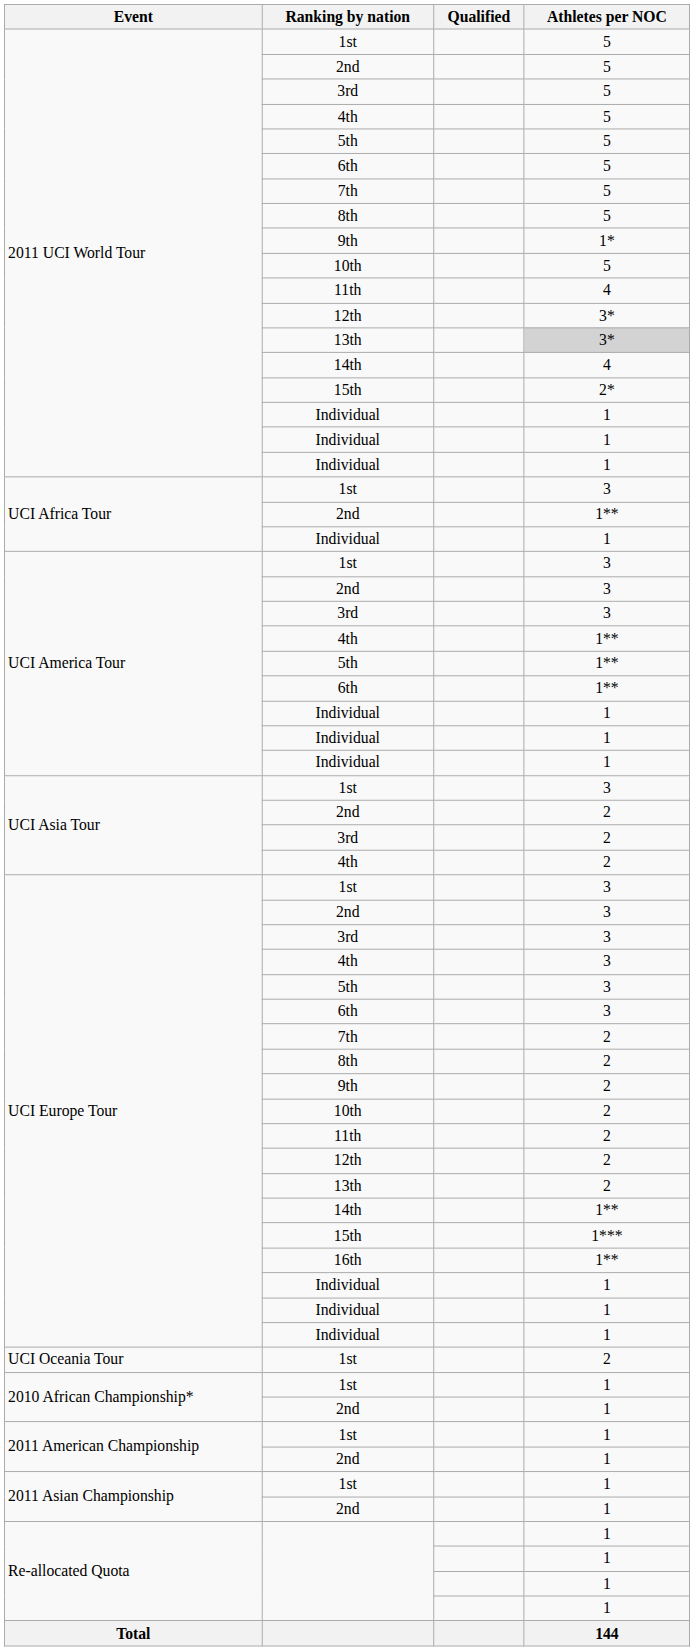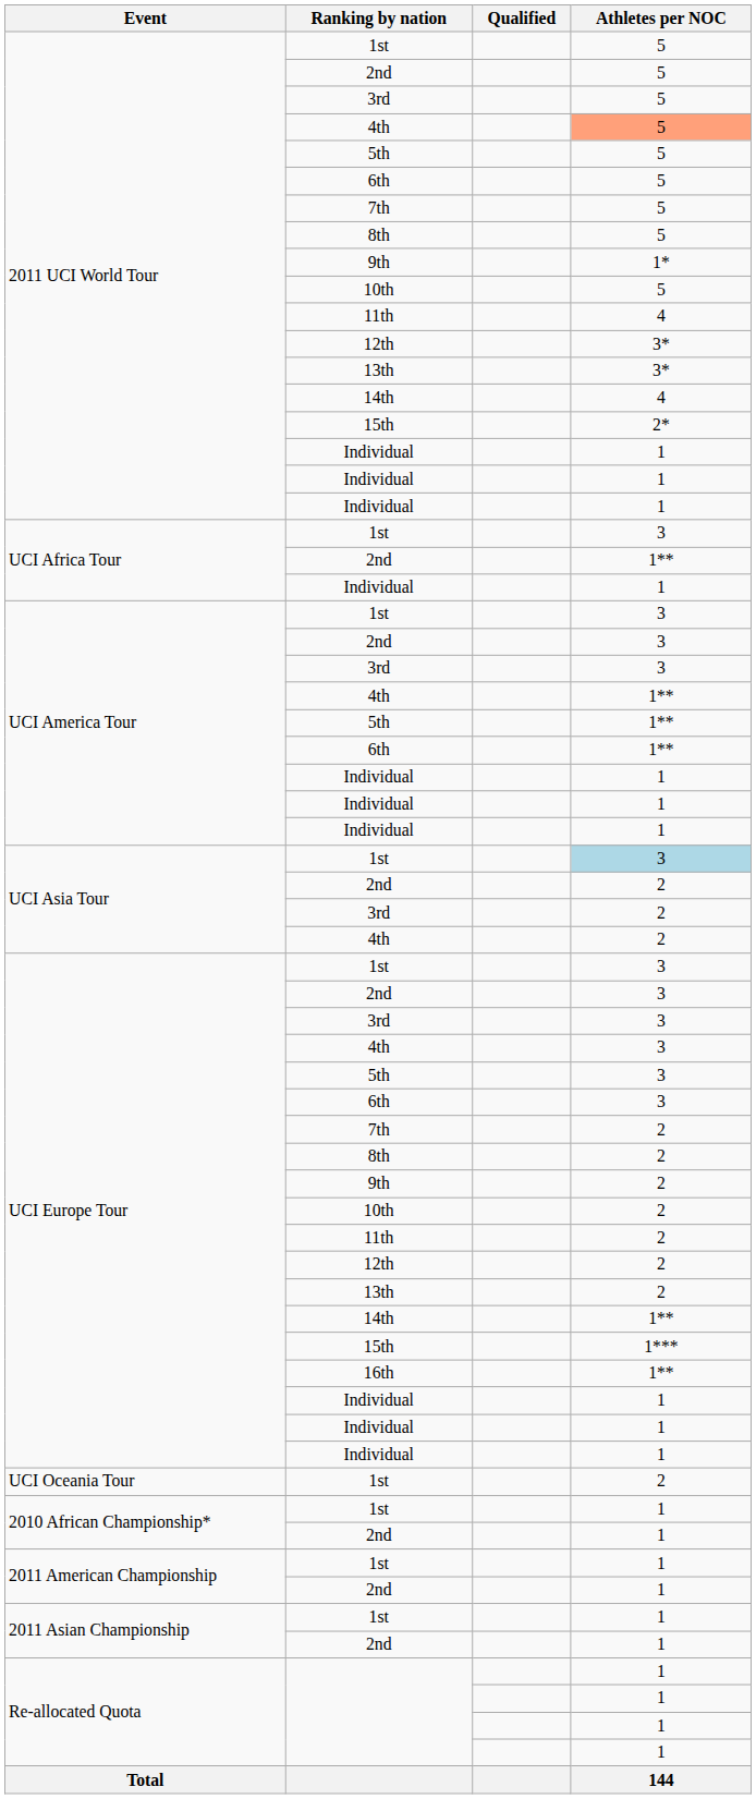 <table class="wikitable"  style="width:700px; text-align:center;">
 <tr>
 <th>Event</th>
 <th>Ranking by nation</th>
 <th>Qualified</th>
 <th>Athletes per NOC</th>
 </tr>
 <tr>
 <td rowspan="18" style="text-align:left;">2011 UCI World Tour</td>
 <td>1st</td>
 <td align="left"></td>
 <td>5</td>
 </tr>
 <tr>
 <td>2nd</td>
 <td align="left"></td>
 <td>5</td>
 </tr>
 <tr>
 <td>3rd</td>
 <td align="left"></td>
 <td>5</td>
 </tr>
 <tr>
 <td>4th</td>
 <td align="left"></td>
-<td>5</td>
+<td style="background: lightsalmon;">5</td>
 </tr>
 <tr>
 <td>5th</td>
 <td align="left"></td>
 <td>5</td>
 </tr>
 <tr>
 <td>6th</td>
 <td align="left"></td>
 <td>5</td>
 </tr>
 <tr>
 <td>7th</td>
 <td align="left"></td>
 <td>5</td>
 </tr>
 <tr>
 <td>8th</td>
 <td align="left"></td>
 <td>5</td>
 </tr>
 <tr>
 <td>9th</td>
 <td align="left"></td>
 <td>1*</td>
 </tr>
 <tr>
 <td>10th</td>
 <td align="left"></td>
 <td>5</td>
 </tr>
 <tr>
 <td>11th</td>
 <td align="left"></td>
 <td>4</td>
 </tr>
 <tr>
 <td>12th</td>
 <td align="left"></td>
 <td>3*</td>
 </tr>
 <tr>
 <td>13th</td>
 <td align="left"></td>
-<td style="background: lightgrey;">3*</td>
+<td>3*</td>
 </tr>
 <tr>
 <td>14th</td>
 <td align="left"></td>
 <td>4</td>
 </tr>
 <tr>
 <td>15th</td>
 <td align="left"></td>
 <td>2*</td>
 </tr>
 <tr>
 <td>Individual</td>
 <td align="left"></td>
 <td>1</td>
 </tr>
 <tr>
 <td>Individual</td>
 <td align="left"></td>
 <td>1</td>
 </tr>
 <tr>
 <td>Individual</td>
 <td align="left"></td>
 <td>1</td>
 </tr>
 <tr>
 <td rowspan="3" style="text-align:left;">UCI Africa Tour</td>
 <td>1st</td>
 <td align="left"></td>
 <td>3</td>
 </tr>
 <tr>
 <td>2nd</td>
 <td align="left"></td>
 <td>1**</td>
 </tr>
 <tr>
 <td>Individual</td>
 <td align="left"></td>
 <td>1</td>
 </tr>
 <tr>
 <td rowspan="9" style="text-align:left;">UCI America Tour</td>
 <td>1st</td>
 <td align="left"></td>
 <td>3</td>
 </tr>
 <tr>
 <td>2nd</td>
 <td align="left"></td>
 <td>3</td>
 </tr>
 <tr>
 <td>3rd</td>
 <td align="left"></td>
 <td>3</td>
 </tr>
 <tr>
 <td>4th</td>
 <td align="left"></td>
 <td>1**</td>
 </tr>
 <tr>
 <td>5th</td>
 <td align="left"></td>
 <td>1**</td>
 </tr>
 <tr>
 <td>6th</td>
 <td align="left"></td>
 <td>1**</td>
 </tr>
 <tr>
 <td>Individual</td>
 <td align="left"></td>
 <td>1</td>
 </tr>
 <tr>
 <td>Individual</td>
 <td align="left"></td>
 <td>1</td>
 </tr>
 <tr>
 <td>Individual</td>
 <td align="left"></td>
 <td>1</td>
 </tr>
 <tr>
 <td rowspan="4" style="text-align:left;">UCI Asia Tour</td>
 <td>1st</td>
 <td align="left"></td>
-<td>3</td>
+<td style="background: lightblue;">3</td>
 </tr>
 <tr>
 <td>2nd</td>
 <td align="left"></td>
 <td>2</td>
 </tr>
 <tr>
 <td>3rd</td>
 <td align="left"></td>
 <td>2</td>
 </tr>
 <tr>
 <td>4th</td>
 <td align="left"></td>
 <td>2</td>
 </tr>
 <tr>
 <td rowspan="19" style="text-align:left;">UCI Europe Tour</td>
 <td>1st</td>
 <td align="left"></td>
 <td>3</td>
 </tr>
 <tr>
 <td>2nd</td>
 <td align="left"></td>
 <td>3</td>
 </tr>
 <tr>
 <td>3rd</td>
 <td align="left"></td>
 <td>3</td>
 </tr>
 <tr>
 <td>4th</td>
 <td align="left"></td>
 <td>3</td>
 </tr>
 <tr>
 <td>5th</td>
 <td align="left"></td>
 <td>3</td>
 </tr>
 <tr>
 <td>6th</td>
 <td align="left"></td>
 <td>3</td>
 </tr>
 <tr>
 <td>7th</td>
 <td align="left"></td>
 <td>2</td>
 </tr>
 <tr>
 <td>8th</td>
 <td align="left"></td>
 <td>2</td>
 </tr>
 <tr>
 <td>9th</td>
 <td align="left"></td>
 <td>2</td>
 </tr>
 <tr>
 <td>10th</td>
 <td align="left"></td>
 <td>2</td>
 </tr>
 <tr>
 <td>11th</td>
 <td align="left"></td>
 <td>2</td>
 </tr>
 <tr>
 <td>12th</td>
 <td align="left"></td>
 <td>2</td>
 </tr>
 <tr>
 <td>13th</td>
 <td align="left"></td>
 <td>2</td>
 </tr>
 <tr>
 <td>14th</td>
 <td align="left"></td>
 <td>1**</td>
 </tr>
 <tr>
 <td>15th</td>
 <td align="left"></td>
 <td>1***</td>
 </tr>
 <tr>
 <td>16th</td>
 <td align="left"></td>
 <td>1**</td>
 </tr>
 <tr>
 <td>Individual</td>
 <td align="left"></td>
 <td>1</td>
 </tr>
 <tr>
 <td>Individual</td>
 <td align="left"></td>
 <td>1</td>
 </tr>
 <tr>
 <td>Individual</td>
 <td align="left"></td>
 <td>1</td>
 </tr>
 <tr>
 <td align="left">UCI Oceania Tour</td>
 <td>1st</td>
 <td align="left"></td>
 <td>2</td>
 </tr>
 <tr>
 <td rowspan="2" style="text-align:left;">2010 African Championship*</td>
 <td>1st</td>
 <td align="left"></td>
 <td>1</td>
 </tr>
 <tr>
 <td>2nd</td>
 <td align="left"></td>
 <td>1</td>
 </tr>
 <tr>
 <td rowspan="2" style="text-align:left;">2011 American Championship</td>
 <td>1st</td>
 <td align="left"></td>
 <td>1</td>
 </tr>
 <tr>
 <td>2nd</td>
 <td align="left"></td>
 <td>1</td>
 </tr>
 <tr>
 <td rowspan="2" style="text-align:left;">2011 Asian Championship</td>
 <td>1st</td>
 <td align="left"></td>
 <td>1</td>
 </tr>
 <tr>
 <td>2nd</td>
 <td align="left"></td>
 <td>1</td>
 </tr>
 <tr>
 <td rowspan="4" style="text-align:left;">Re-allocated Quota</td>
 <td rowspan=4></td>
 <td align=left></td>
 <td>1</td>
 </tr>
 <tr>
 <td align=left></td>
 <td>1</td>
 </tr>
 <tr>
 <td align=left></td>
 <td>1</td>
 </tr>
 <tr>
 <td align=left></td>
 <td>1</td>
 </tr>
 <tr>
 <th>Total</th>
 <th></th>
 <th></th>
 <th>144</th>
 </tr>
 </table>
